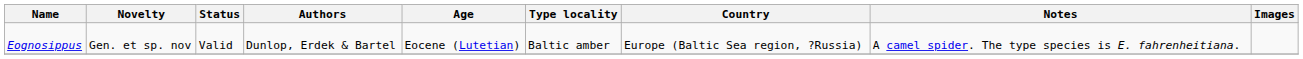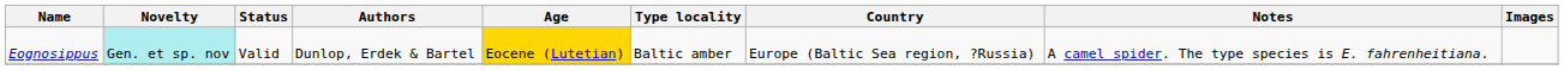 <table class="wikitable sortable" align="center" width="75%">
 <tr>
 <th>Name</th>
 <th>Novelty</th>
 <th>Status</th>
 <th>Authors</th>
 <th>Age</th>
 <th>Type locality</th>
 <th>Country</th>
 <th>Notes</th>
 <th>Images</th>
 </tr>
 <tr>
 <td><br><em><a href='#'>Eognosippus</a></em></td>
-<td><br>Gen. et sp. nov</td>
+<td style="background: paleturquoise;"><br>Gen. et sp. nov</td>
 <td><br>Valid</td>
 <td><br>Dunlop, Erdek & Bartel</td>
-<td><br>Eocene (<a href='#'>Lutetian</a>)</td>
+<td style="background: gold;"><br>Eocene (<a href='#'>Lutetian</a>)</td>
 <td><br>Baltic amber</td>
 <td><br>Europe (Baltic Sea region, ?Russia)</td>
 <td><br>A <a href='#'>camel spider</a>. The type species is <em>E. fahrenheitiana</em>.</td>
 <td></td>
 </tr>
 <tr>
 </tr>
 </table>
